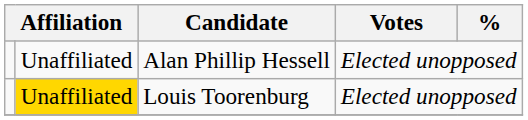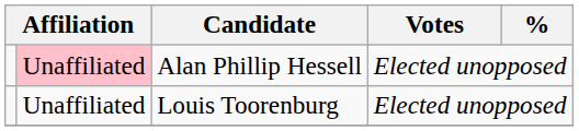 <table class="wikitable sortable">
 <tr>
 <th colspan=2>Affiliation</th>
 <th>Candidate</th>
 <th>Votes</th>
 <th>%</th>
 </tr>
 <tr>
 <td bgcolor=></td>
-<td>Unaffiliated</td>
+<td style="background: pink;">Unaffiliated</td>
 <td>Alan Phillip Hessell</td>
 <td colspan=2><em>Elected unopposed</em></td>
 </tr>
 <tr>
 <td bgcolor=></td>
-<td style="background: gold;">Unaffiliated</td>
+<td>Unaffiliated</td>
 <td>Louis Toorenburg</td>
 <td colspan=2><em>Elected unopposed</em></td>
 </tr>
 <tr>
 </tr>
 </table>
